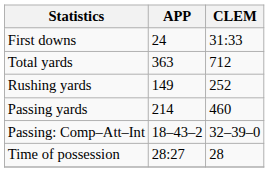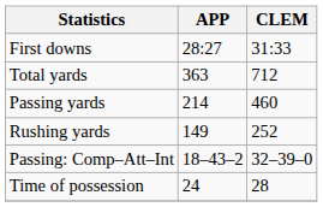 <table class="wikitable" style="float: left;">
 <tr>
 <th>Statistics</th>
 <th>APP</th>
 <th>CLEM</th>
 </tr>
 <tr>
 <td>First downs</td>
-<td>24</td>
+<td>28:27</td>
 <td>31:33</td>
 </tr>
 <tr>
 <td>Total yards</td>
 <td>363</td>
 <td>712</td>
 </tr>
 <tr>
+<td>Passing yards</td>
+<td>214</td>
+<td>460</td>
+</tr>
+<tr>
 <td>Rushing yards</td>
 <td>149</td>
 <td>252</td>
-</tr>
-<tr>
-<td>Passing yards</td>
-<td>214</td>
-<td>460</td>
 </tr>
 <tr>
 <td>Passing: Comp–Att–Int</td>
 <td>18–43–2</td>
 <td>32–39–0</td>
 </tr>
 <tr>
 <td>Time of possession</td>
-<td>28:27</td>
+<td>24</td>
 <td>28</td>
 </tr>
 <tr>
 </tr>
 </table>
